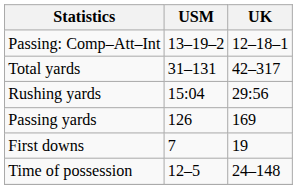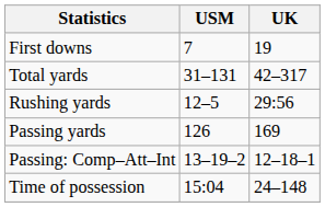 <table class="wikitable" style="float: left;">
 <tr>
 <th>Statistics</th>
 <th>USM</th>
 <th>UK</th>
 </tr>
 <tr>
-<td>Passing: Comp–Att–Int</td>
-<td>13–19–2</td>
-<td>12–18–1</td>
+<td>First downs</td>
+<td>7</td>
+<td>19</td>
 </tr>
 <tr>
 <td>Total yards</td>
 <td>31–131</td>
 <td>42–317</td>
 </tr>
 <tr>
 <td>Rushing yards</td>
-<td>15:04</td>
+<td>12–5</td>
 <td>29:56</td>
 </tr>
 <tr>
 <td>Passing yards</td>
 <td>126</td>
 <td>169</td>
 </tr>
 <tr>
-<td>First downs</td>
-<td>7</td>
-<td>19</td>
+<td>Passing: Comp–Att–Int</td>
+<td>13–19–2</td>
+<td>12–18–1</td>
 </tr>
 <tr>
 <td>Time of possession</td>
-<td>12–5</td>
+<td>15:04</td>
 <td>24–148</td>
 </tr>
 <tr>
 </tr>
 </table>
